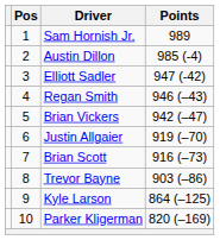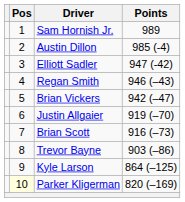 <table class="wikitable" style="font-size: 95%;">
 <tr>
 <th></th>
 <th>Pos</th>
 <th>Driver</th>
 <th>Points</th>
 </tr>
 <tr>
 <td align="left"></td>
 <td style="text-align:center;">1</td>
 <td><a href='#'>Sam Hornish Jr.</a></td>
 <td style="text-align:center;">989</td>
 </tr>
 <tr>
 <td align="left"></td>
 <td style="text-align:center;">2</td>
 <td><a href='#'>Austin Dillon</a></td>
 <td style="text-align:center;">985 (-4)</td>
 </tr>
 <tr>
 <td align="left"></td>
 <td style="text-align:center;">3</td>
 <td><a href='#'>Elliott Sadler</a></td>
 <td style="text-align:center;">947 (-42)</td>
 </tr>
 <tr>
 <td align="left"></td>
 <td style="text-align:center;">4</td>
 <td><a href='#'>Regan Smith</a></td>
 <td style="text-align:center;">946 (–43)</td>
 </tr>
 <tr>
 <td align="left"></td>
 <td style="text-align:center;">5</td>
 <td><a href='#'>Brian Vickers</a></td>
 <td style="text-align:center;">942 (–47)</td>
 </tr>
 <tr>
 <td align="left"></td>
 <td style="text-align:center;">6</td>
 <td><a href='#'>Justin Allgaier</a></td>
 <td style="text-align:center;">919 (–70)</td>
 </tr>
 <tr>
 <td align="left"></td>
 <td style="text-align:center;">7</td>
 <td><a href='#'>Brian Scott</a></td>
 <td style="text-align:center;">916 (–73)</td>
 </tr>
 <tr>
 <td align="left"></td>
 <td style="text-align:center;">8</td>
 <td><a href='#'>Trevor Bayne</a></td>
 <td style="text-align:center;">903 (–86)</td>
 </tr>
 <tr>
 <td align="left"></td>
 <td style="text-align:center;">9</td>
 <td><a href='#'>Kyle Larson</a></td>
 <td style="text-align:center;">864 (–125)</td>
 </tr>
 <tr>
 <td align="left"></td>
-<td style="text-align:center;">10</td>
+<td style="background: lightyellow; text-align:center;">10</td>
 <td><a href='#'>Parker Kligerman</a></td>
 <td style="text-align:center;">820 (–169)</td>
 </tr>
 <tr class="sortbottom">
 <th colspan="9"></th>
 </tr>
 </table>
